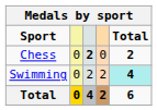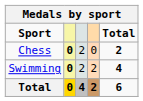 <table class="wikitable" style="font-size:85%; float:right;text-align:center">
 <tr>
 <th colspan="7">Medals by sport</th>
 </tr>
 <tr>
 <td><strong>Sport</strong></td>
 <td bgcolor="F7F6A8"></td>
 <td bgcolor="DCE5E5"></td>
 <td bgcolor="FFDBA9"></td>
 <td><strong>Total</strong></td>
 </tr>
 <tr>
 <td><a href='#'>Chess</a></td>
-<td bgcolor="F7F6A8">0</td>
-<td bgcolor="DCE5E5"><strong>2</strong></td>
+<td bgcolor="F7F6A8"><strong>0</strong></td>
+<td bgcolor="DCE5E5">2</td>
 <td bgcolor="FFDAB9">0</td>
 <td><strong>2</strong></td>
 </tr>
 <tr>
 <td><a href='#'>Swimming</a></td>
-<td bgcolor="F7F6A8">0</td>
+<td bgcolor="F7F6A8"><strong>0</strong></td>
 <td bgcolor="DCE5E5">2</td>
 <td bgcolor="FFDAB9">2</td>
-<td style="background: paleturquoise;"><strong>4</strong></td>
+<td><strong>4</strong></td>
 </tr>
 <tr>
 <th>Total</th>
 <td style="background:gold;"><strong>0</strong></td>
 <td style="background:silver;"><strong>4</strong></td>
 <td style="background:#c96;"><strong>2</strong></td>
 <td><strong>6</strong></td>
 </tr>
 </table>
